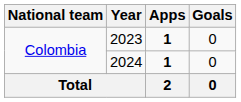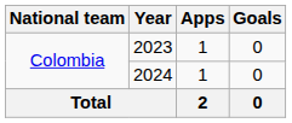 <table class="wikitable" style="text-align: center">
 <tr>
 <th>National team</th>
 <th>Year</th>
 <th>Apps</th>
 <th>Goals</th>
 </tr>
 <tr>
 <td rowspan="2"><a href='#'>Colombia</a></td>
 <td>2023</td>
-<td><strong>1</strong></td>
+<td>1</td>
 <td>0</td>
 </tr>
 <tr>
 <td>2024</td>
-<td><strong>1</strong></td>
+<td>1</td>
 <td>0</td>
 </tr>
 <tr>
 <th colspan="2">Total</th>
 <th>2</th>
 <th>0</th>
 </tr>
 </table>
